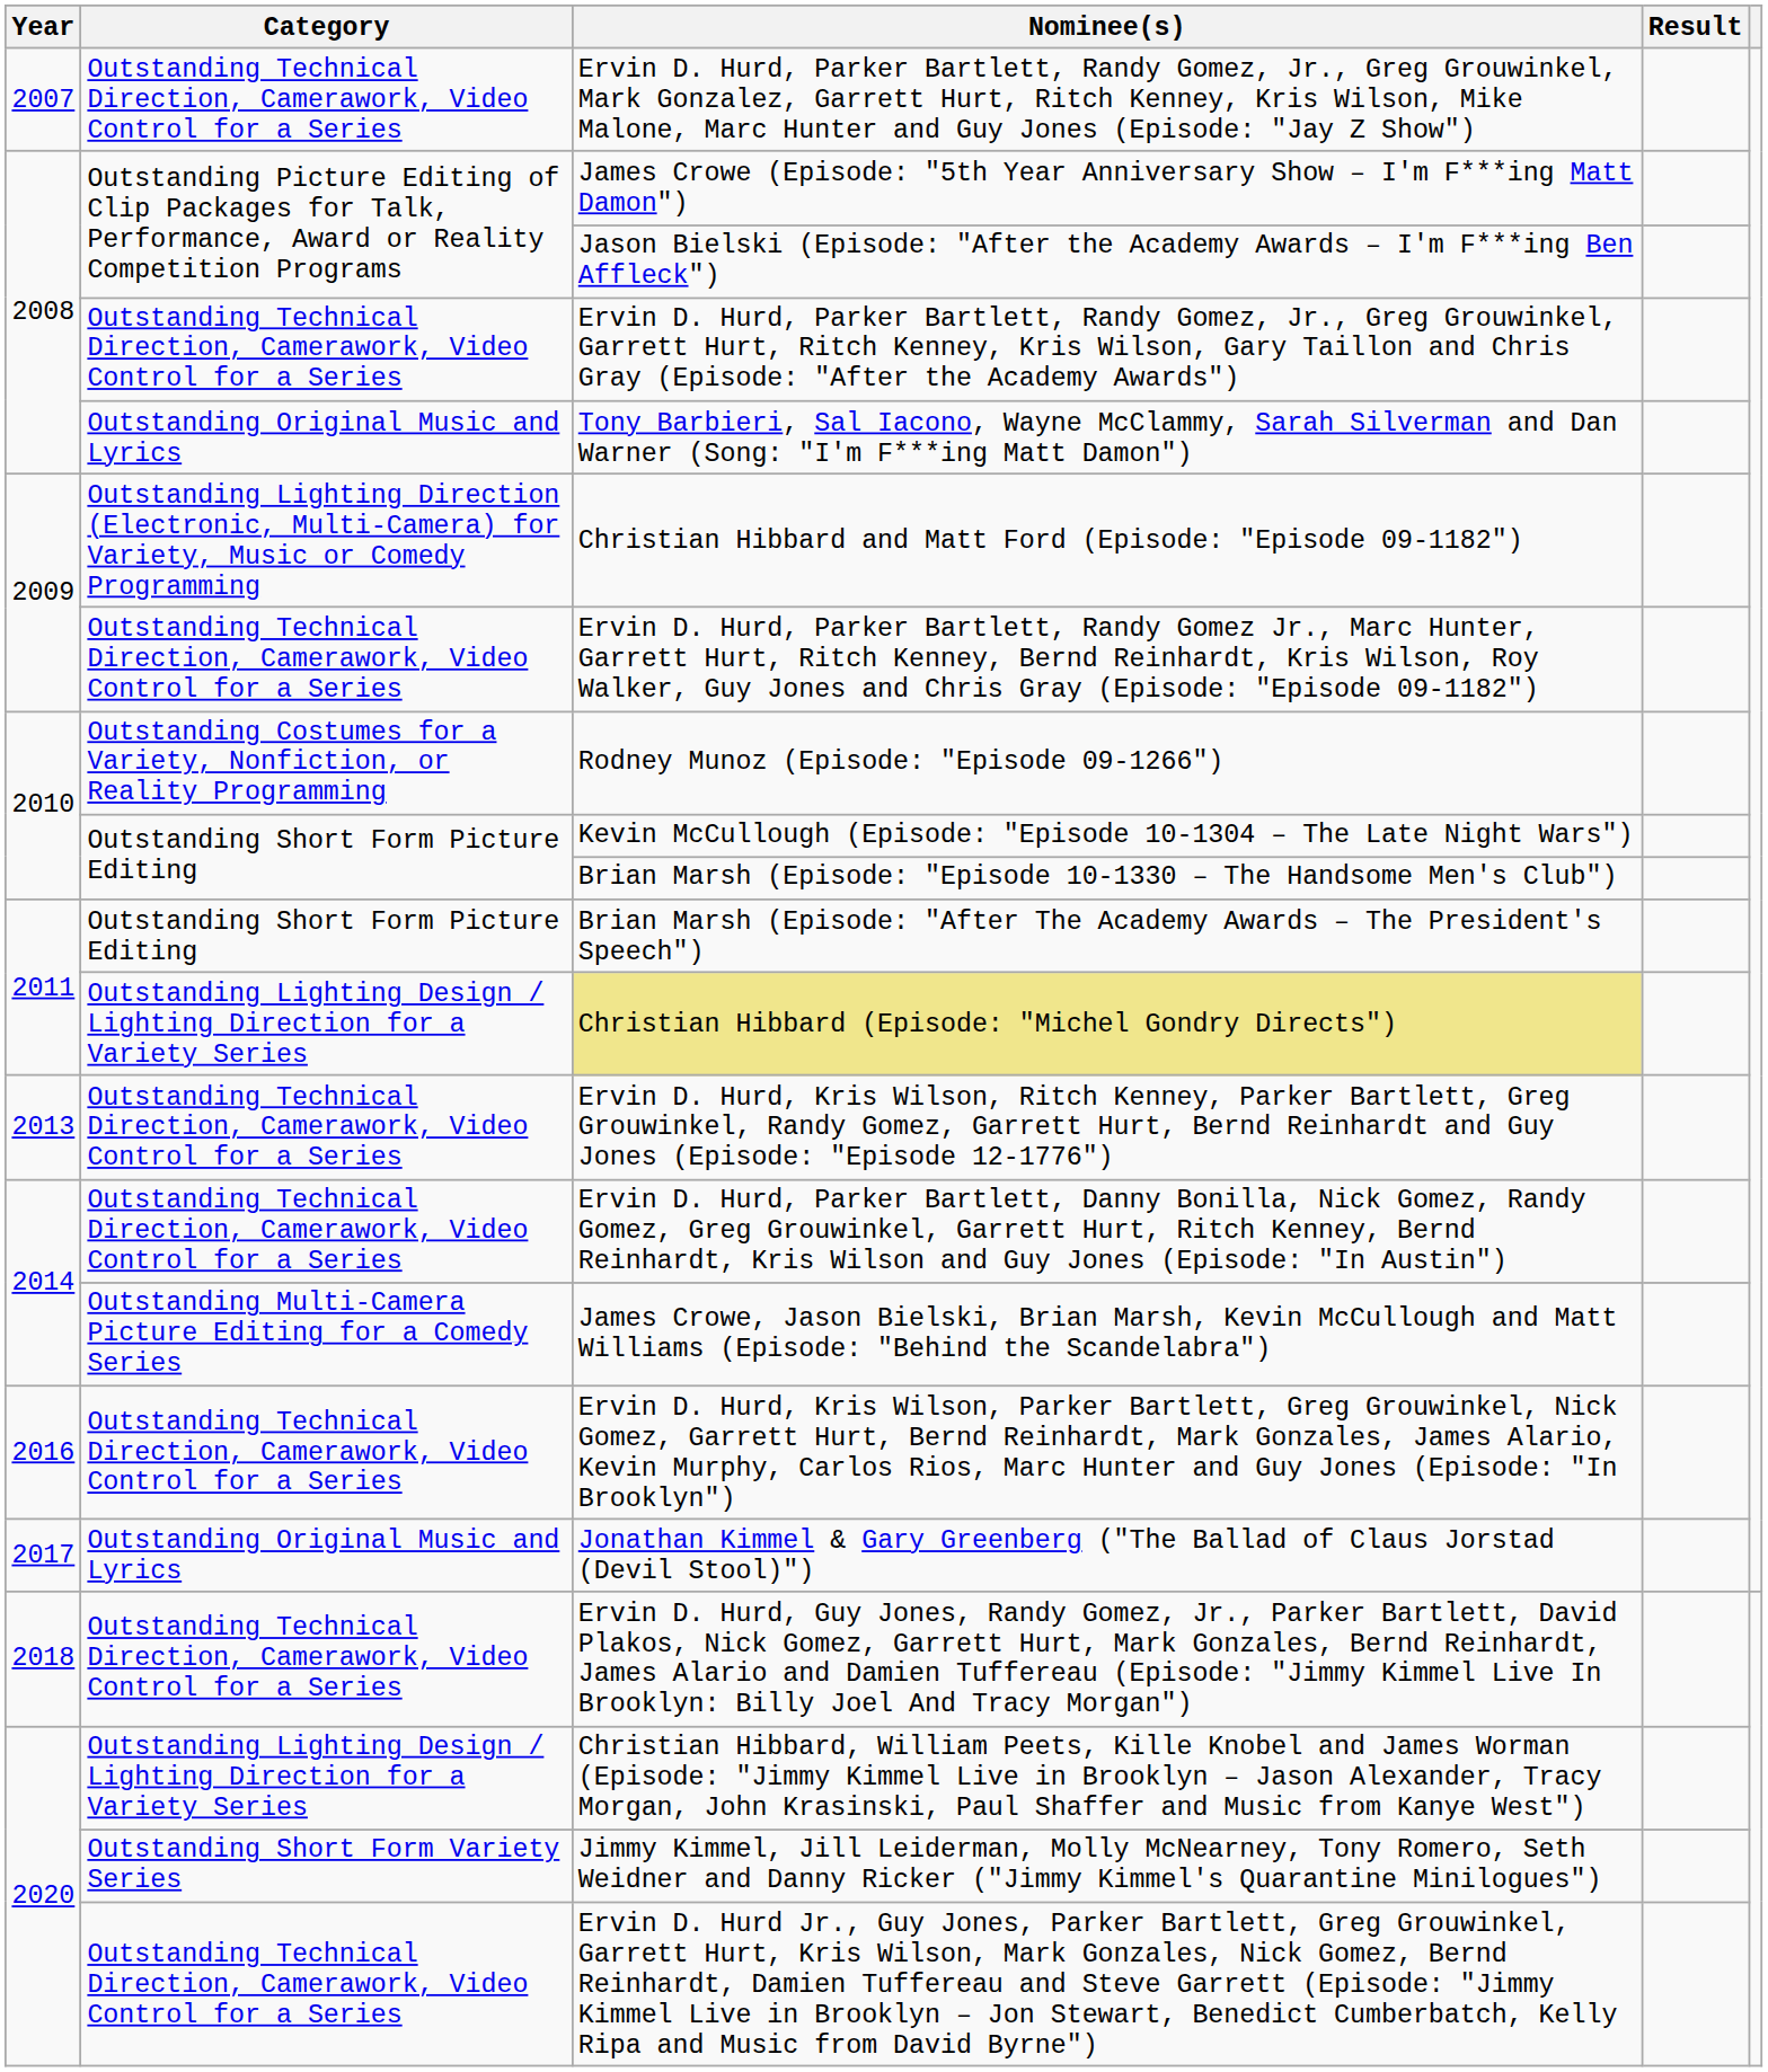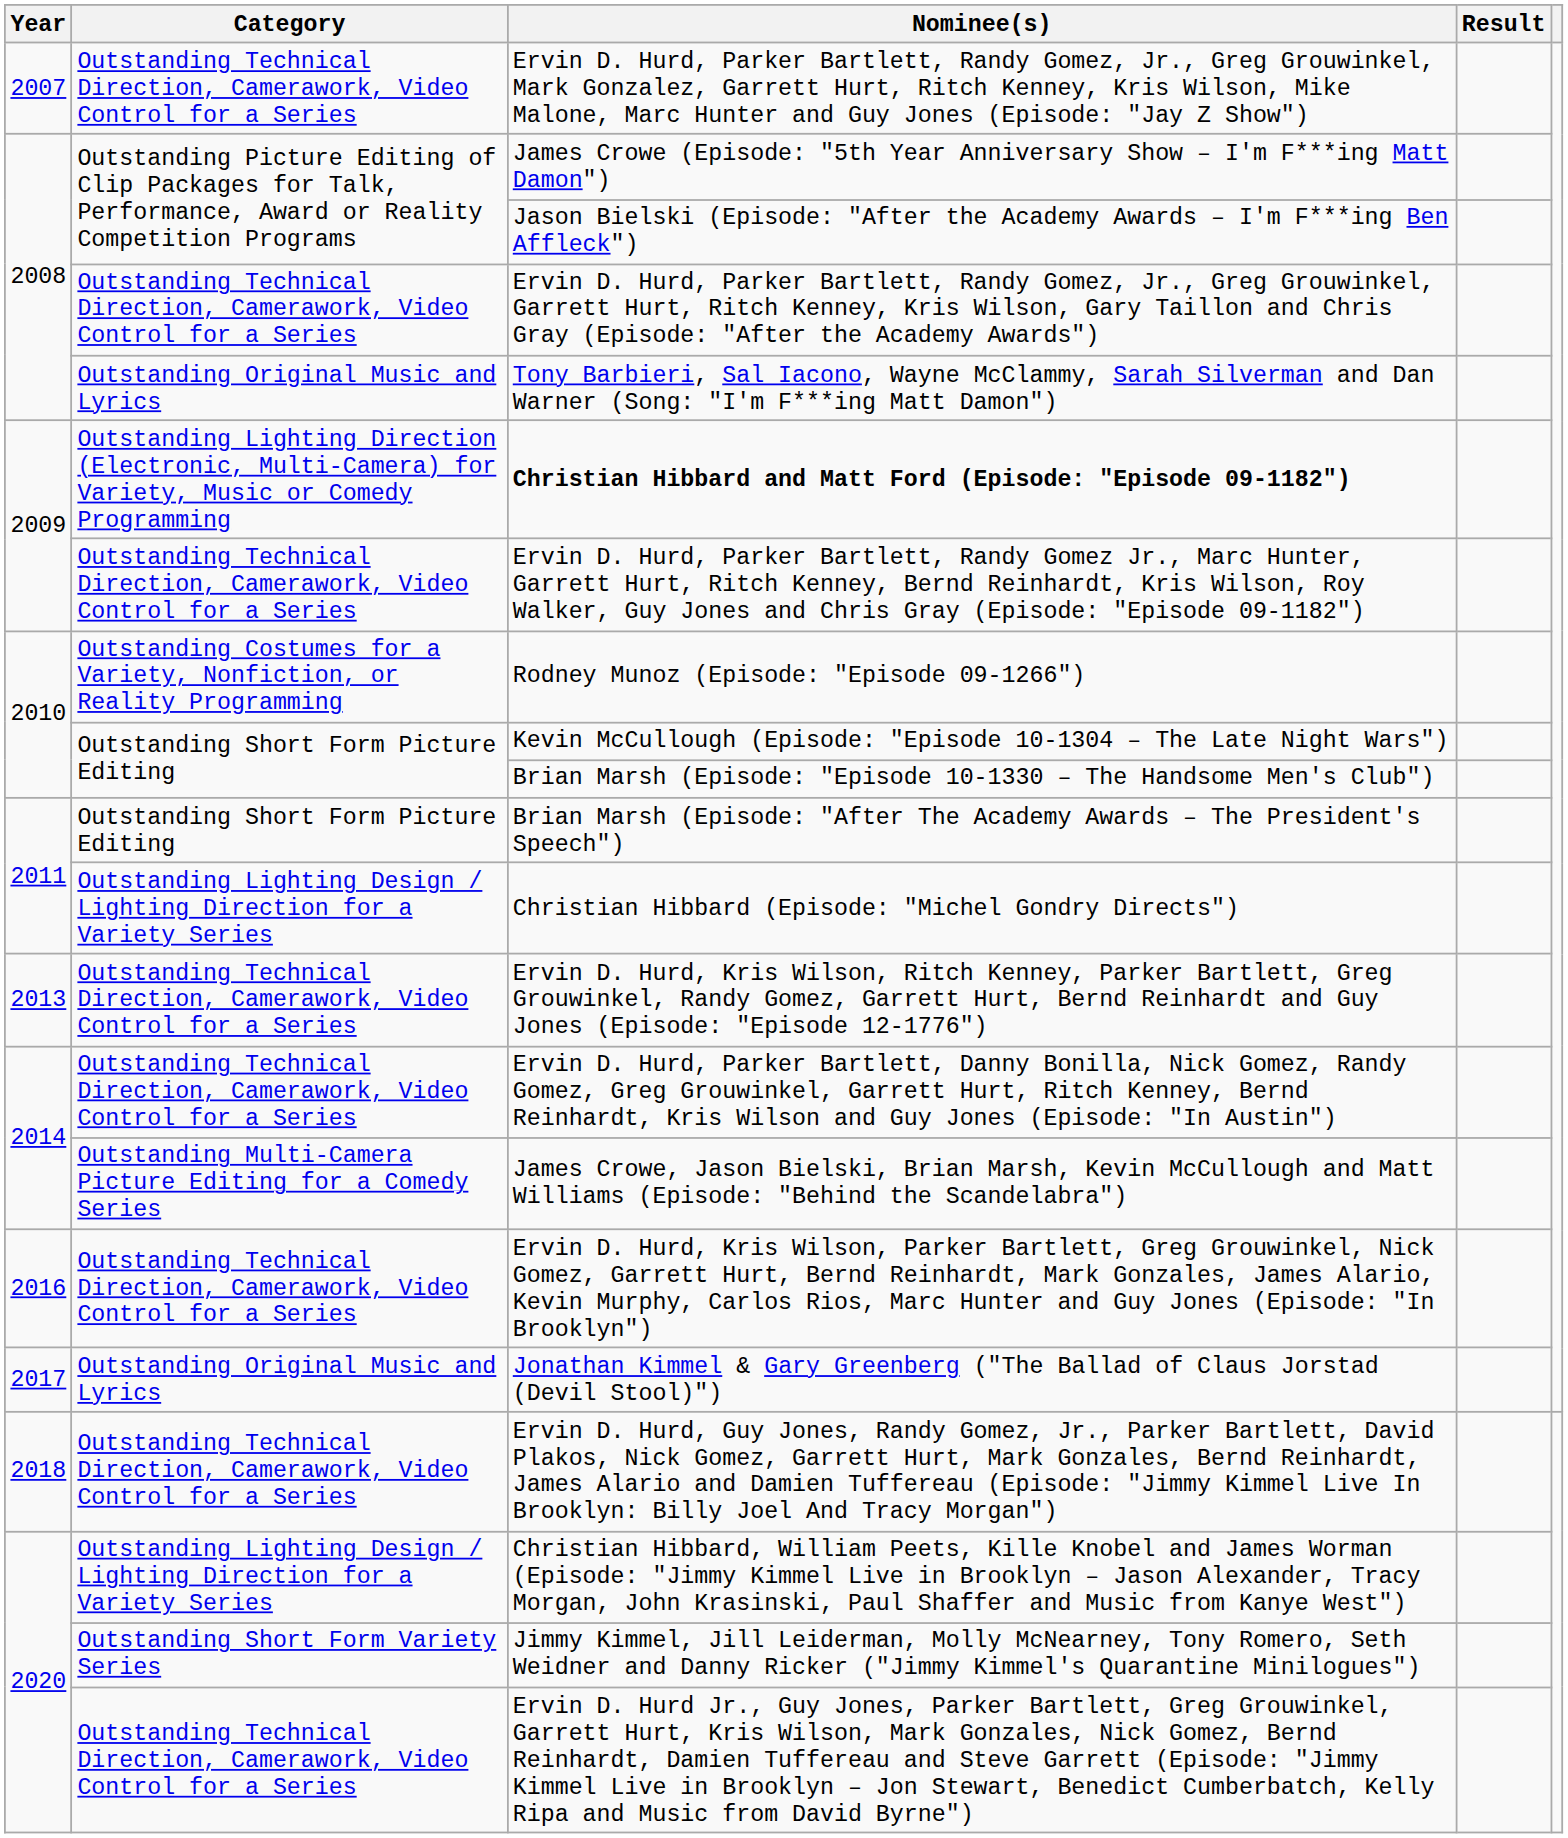 <table class="wikitable plainrowheaders">
 <tr>
 <th scope="col">Year</th>
 <th scope="col">Category</th>
 <th scope="col">Nominee(s)</th>
 <th scope="col">Result</th>
 <th scope="col"></th>
 </tr>
 <tr>
 <td><a href='#'>2007</a></td>
 <td><a href='#'>Outstanding Technical Direction, Camerawork, Video Control for a Series</a></td>
 <td>Ervin D. Hurd, Parker Bartlett, Randy Gomez, Jr., Greg Grouwinkel, Mark Gonzalez, Garrett Hurt, Ritch Kenney, Kris Wilson, Mike Malone, Marc Hunter and Guy Jones (Episode: "Jay Z Show")</td>
 <td></td>
 <td rowspan="17" style="text-align:center;"></td>
 </tr>
 <tr>
 <td rowspan="4">2008</td>
 <td rowspan="2">Outstanding Picture Editing of Clip Packages for Talk, Performance, Award or Reality Competition Programs</td>
 <td>James Crowe (Episode: "5th Year Anniversary Show – I'm F***ing <a href='#'>Matt Damon</a>")</td>
 <td></td>
 </tr>
 <tr>
 <td>Jason Bielski (Episode: "After the Academy Awards – I'm F***ing <a href='#'>Ben Affleck</a>")</td>
 <td></td>
 </tr>
 <tr>
 <td><a href='#'>Outstanding Technical Direction, Camerawork, Video Control for a Series</a></td>
 <td>Ervin D. Hurd, Parker Bartlett, Randy Gomez, Jr., Greg Grouwinkel, Garrett Hurt, Ritch Kenney, Kris Wilson, Gary Taillon and Chris Gray (Episode: "After the Academy Awards")</td>
 <td></td>
 </tr>
 <tr>
 <td><a href='#'>Outstanding Original Music and Lyrics</a></td>
 <td><a href='#'>Tony Barbieri</a>, <a href='#'>Sal Iacono</a>, Wayne McClammy, <a href='#'>Sarah Silverman</a> and Dan Warner (Song: "I'm F***ing Matt Damon")</td>
 <td></td>
 </tr>
 <tr>
 <td rowspan="2">2009</td>
 <td><a href='#'>Outstanding Lighting Direction (Electronic, Multi-Camera) for Variety, Music or Comedy Programming</a></td>
-<td>Christian Hibbard and Matt Ford (Episode: "Episode 09-1182")</td>
+<td><strong>Christian Hibbard and Matt Ford (Episode: "Episode 09-1182")</strong></td>
 <td></td>
 </tr>
 <tr>
 <td><a href='#'>Outstanding Technical Direction, Camerawork, Video Control for a Series</a></td>
 <td>Ervin D. Hurd, Parker Bartlett, Randy Gomez Jr., Marc Hunter, Garrett Hurt, Ritch Kenney, Bernd Reinhardt, Kris Wilson, Roy Walker, Guy Jones and Chris Gray (Episode: "Episode 09-1182")</td>
 <td></td>
 </tr>
 <tr>
 <td rowspan="3">2010</td>
 <td><a href='#'>Outstanding Costumes for a Variety, Nonfiction, or Reality Programming</a></td>
 <td>Rodney Munoz (Episode: "Episode 09-1266")</td>
 <td></td>
 </tr>
 <tr>
 <td rowspan="2">Outstanding Short Form Picture Editing</td>
 <td>Kevin McCullough (Episode: "Episode 10-1304 – The Late Night Wars")</td>
 <td></td>
 </tr>
 <tr>
 <td>Brian Marsh (Episode: "Episode 10-1330 – The Handsome Men's Club")</td>
 <td></td>
 </tr>
 <tr>
 <td rowspan="2"><a href='#'>2011</a></td>
 <td>Outstanding Short Form Picture Editing</td>
 <td>Brian Marsh (Episode: "After The Academy Awards – The President's Speech")</td>
 <td></td>
 </tr>
 <tr>
 <td><a href='#'>Outstanding Lighting Design / Lighting Direction for a Variety Series</a></td>
-<td style="background: khaki;">Christian Hibbard (Episode: "Michel Gondry Directs")</td>
+<td>Christian Hibbard (Episode: "Michel Gondry Directs")</td>
 <td></td>
 </tr>
 <tr>
 <td><a href='#'>2013</a></td>
 <td><a href='#'>Outstanding Technical Direction, Camerawork, Video Control for a Series</a></td>
 <td>Ervin D. Hurd, Kris Wilson, Ritch Kenney, Parker Bartlett, Greg Grouwinkel, Randy Gomez, Garrett Hurt, Bernd Reinhardt and Guy Jones (Episode: "Episode 12-1776")</td>
 <td></td>
 </tr>
 <tr>
 <td rowspan="2"><a href='#'>2014</a></td>
 <td><a href='#'>Outstanding Technical Direction, Camerawork, Video Control for a Series</a></td>
 <td>Ervin D. Hurd, Parker Bartlett, Danny Bonilla, Nick Gomez, Randy Gomez, Greg Grouwinkel, Garrett Hurt, Ritch Kenney, Bernd Reinhardt, Kris Wilson and Guy Jones (Episode: "In Austin")</td>
 <td></td>
 </tr>
 <tr>
 <td><a href='#'>Outstanding Multi-Camera Picture Editing for a Comedy Series</a></td>
 <td>James Crowe, Jason Bielski, Brian Marsh, Kevin McCullough and Matt Williams (Episode: "Behind the Scandelabra")</td>
 <td></td>
 </tr>
 <tr>
 <td><a href='#'>2016</a></td>
 <td><a href='#'>Outstanding Technical Direction, Camerawork, Video Control for a Series</a></td>
 <td>Ervin D. Hurd, Kris Wilson, Parker Bartlett, Greg Grouwinkel, Nick Gomez, Garrett Hurt, Bernd Reinhardt, Mark Gonzales, James Alario, Kevin Murphy, Carlos Rios, Marc Hunter and Guy Jones (Episode: "In Brooklyn")</td>
 <td></td>
 </tr>
 <tr>
 <td><a href='#'>2017</a></td>
 <td><a href='#'>Outstanding Original Music and Lyrics</a></td>
 <td><a href='#'>Jonathan Kimmel</a> & <a href='#'>Gary Greenberg</a> ("The Ballad of Claus Jorstad (Devil Stool)")</td>
 <td></td>
 </tr>
 <tr>
 <td><a href='#'>2018</a></td>
 <td><a href='#'>Outstanding Technical Direction, Camerawork, Video Control for a Series</a></td>
 <td>Ervin D. Hurd, Guy Jones, Randy Gomez, Jr., Parker Bartlett, David Plakos, Nick Gomez, Garrett Hurt, Mark Gonzales, Bernd Reinhardt, James Alario and Damien Tuffereau (Episode: "Jimmy Kimmel Live In Brooklyn: Billy Joel And Tracy Morgan")</td>
 <td></td>
 <td rowspan="4" style="text-align:center;"></td>
 </tr>
 <tr>
 <td rowspan="3"><a href='#'>2020</a></td>
 <td><a href='#'>Outstanding Lighting Design / Lighting Direction for a Variety Series</a></td>
 <td>Christian Hibbard, William Peets, Kille Knobel and James Worman (Episode: "Jimmy Kimmel Live in Brooklyn – Jason Alexander, Tracy Morgan, John Krasinski, Paul Shaffer and Music from Kanye West")</td>
 <td></td>
 </tr>
 <tr>
 <td><a href='#'>Outstanding Short Form Variety Series</a></td>
 <td>Jimmy Kimmel, Jill Leiderman, Molly McNearney, Tony Romero, Seth Weidner and Danny Ricker ("Jimmy Kimmel's Quarantine Minilogues")</td>
 <td></td>
 </tr>
 <tr>
 <td><a href='#'>Outstanding Technical Direction, Camerawork, Video Control for a Series</a></td>
 <td>Ervin D. Hurd Jr., Guy Jones, Parker Bartlett, Greg Grouwinkel, Garrett Hurt, Kris Wilson, Mark Gonzales, Nick Gomez, Bernd Reinhardt, Damien Tuffereau and Steve Garrett (Episode: "Jimmy Kimmel Live in Brooklyn – Jon Stewart, Benedict Cumberbatch, Kelly Ripa and Music from David Byrne")</td>
 <td></td>
 </tr>
 </table>
